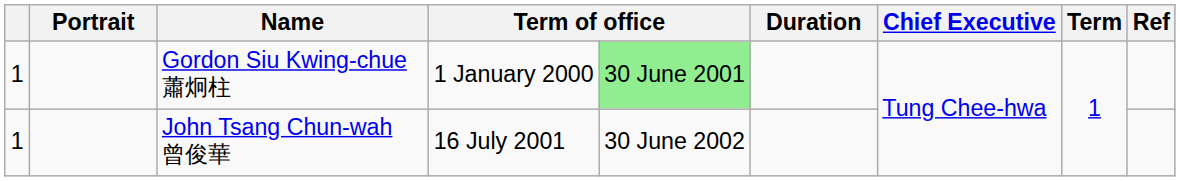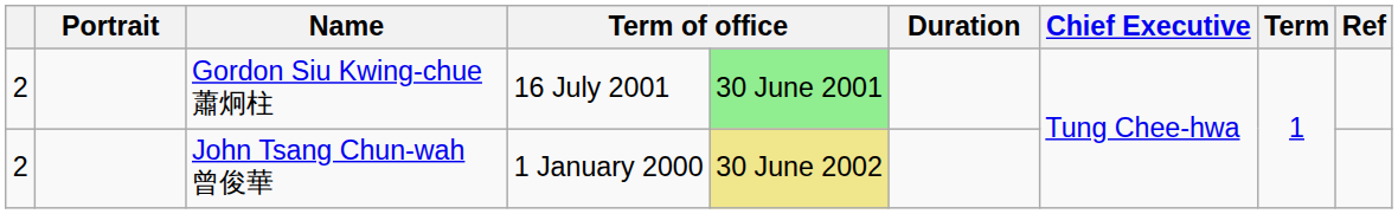 <table class="wikitable" style="text-align:left">
 <tr>
 <th width="10px"></th>
 <th width="80px">Portrait</th>
 <th width="180px">Name</th>
 <th colspan="2" width="180px">Term of office</th>
 <th width="80px">Duration</th>
 <th width="120px"><a href='#'>Chief Executive</a></th>
 <th>Term</th>
 <th>Ref</th>
 </tr>
 <tr>
-<td align="center">1</td>
+<td align="center">2</td>
 <td></td>
 <td><a href='#'>Gordon Siu Kwing-chue</a><br>蕭炯柱</td>
-<td>1 January 2000</td>
+<td>16 July 2001</td>
 <td style="background: lightgreen;">30 June 2001</td>
 <td></td>
 <td rowspan="2"><a href='#'>Tung Chee-hwa</a><br></td>
 <td rowspan="2" align="center"><a href='#'>1</a></td>
 <td></td>
 </tr>
 <tr>
-<td align="center">1</td>
+<td align="center">2</td>
 <td></td>
 <td><a href='#'>John Tsang Chun-wah</a><br>曾俊華</td>
-<td>16 July 2001</td>
-<td>30 June 2002</td>
+<td>1 January 2000</td>
+<td style="background: khaki;">30 June 2002</td>
 <td></td>
 <td></td>
 </tr>
 </table>
